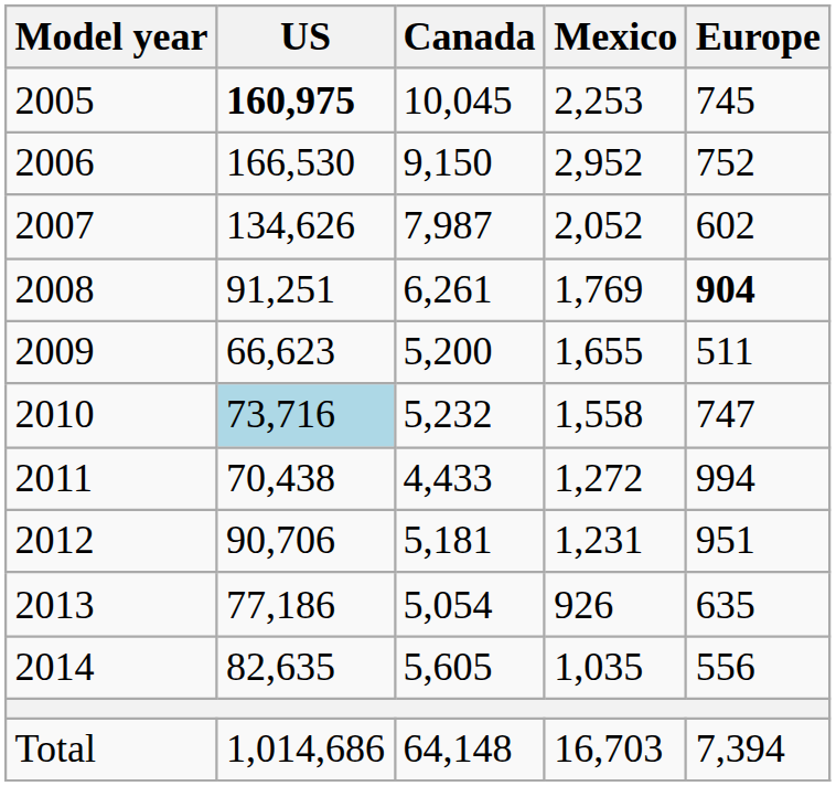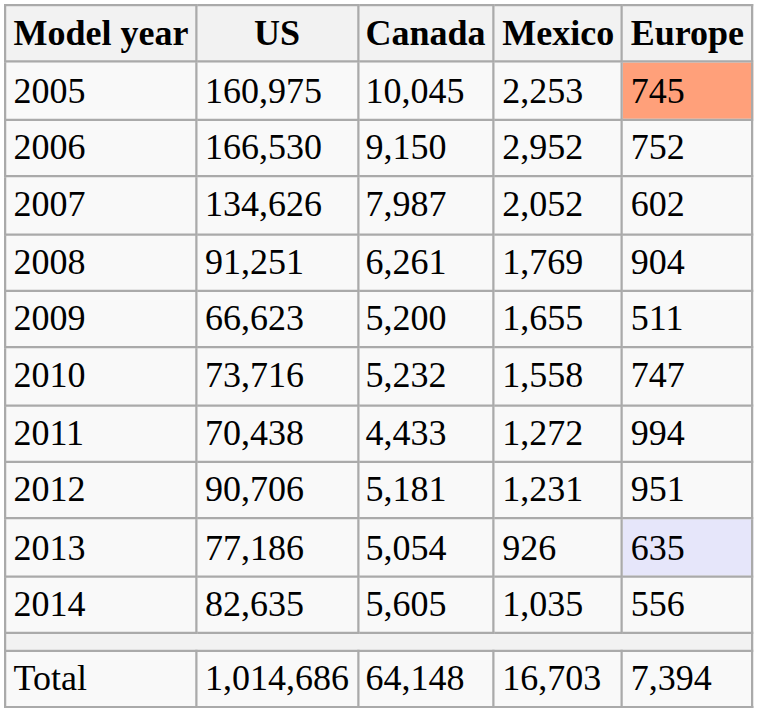 <table class="wikitable defaultcenter">
 <tr>
 <th>Model year</th>
 <th>US</th>
 <th>Canada</th>
 <th>Mexico</th>
 <th>Europe</th>
 </tr>
 <tr>
 <td>2005</td>
-<td><strong>160,975</strong></td>
+<td>160,975</td>
 <td>10,045</td>
 <td>2,253</td>
-<td>745</td>
+<td style="background: lightsalmon;">745</td>
 </tr>
 <tr>
 <td>2006</td>
 <td>166,530</td>
 <td>9,150</td>
 <td>2,952</td>
 <td>752</td>
 </tr>
 <tr>
 <td>2007</td>
 <td>134,626</td>
 <td>7,987</td>
 <td>2,052</td>
 <td>602</td>
 </tr>
 <tr>
 <td>2008</td>
 <td>91,251</td>
 <td>6,261</td>
 <td>1,769</td>
-<td><strong>904</strong></td>
+<td>904</td>
 </tr>
 <tr>
 <td>2009</td>
 <td>66,623</td>
 <td>5,200</td>
 <td>1,655</td>
 <td>511</td>
 </tr>
 <tr>
 <td>2010</td>
-<td style="background: lightblue;">73,716</td>
+<td>73,716</td>
 <td>5,232</td>
 <td>1,558</td>
 <td>747</td>
 </tr>
 <tr>
 <td>2011</td>
 <td>70,438</td>
 <td>4,433</td>
 <td>1,272</td>
 <td>994</td>
 </tr>
 <tr>
 <td>2012</td>
 <td>90,706</td>
 <td>5,181</td>
 <td>1,231</td>
 <td>951</td>
 </tr>
 <tr>
 <td>2013</td>
 <td>77,186</td>
 <td>5,054</td>
 <td>926</td>
-<td>635</td>
+<td style="background: lavender;">635</td>
 </tr>
 <tr>
 <td>2014</td>
 <td>82,635</td>
 <td>5,605</td>
 <td>1,035</td>
 <td>556</td>
 </tr>
 <tr>
 <th colspan=5 ></th>
 </tr>
 <tr>
 <td>Total</td>
 <td>1,014,686</td>
 <td>64,148</td>
 <td>16,703</td>
 <td>7,394</td>
 </tr>
 <tr>
 </tr>
 </table>
